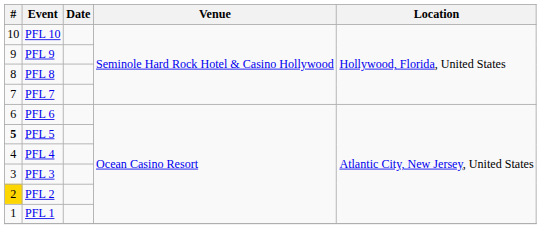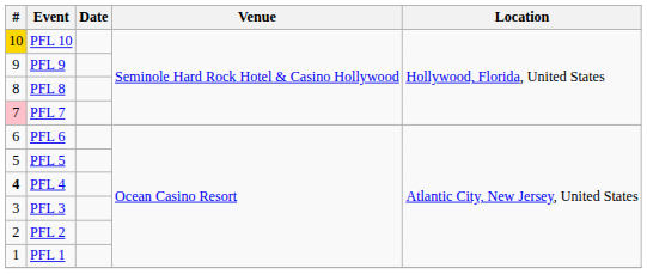 <table class="sortable wikitable succession-box" style="font-size:90%;">
 <tr>
 <th scope="col">#</th>
 <th scope="col">Event</th>
 <th scope="col">Date</th>
 <th scope="col">Venue</th>
 <th scope="col">Location</th>
 </tr>
 <tr>
-<td align=center>10</td>
+<td align=center style="background: gold;">10</td>
 <td><a href='#'>PFL 10</a></td>
 <td></td>
 <td rowspan=4><a href='#'>Seminole Hard Rock Hotel & Casino Hollywood</a></td>
 <td rowspan=4><a href='#'>Hollywood, Florida</a>, United States</td>
 </tr>
 <tr>
 <td align=center>9</td>
 <td><a href='#'>PFL 9</a></td>
 <td></td>
 </tr>
 <tr>
 <td align=center>8</td>
 <td><a href='#'>PFL 8</a></td>
 <td></td>
 </tr>
 <tr>
-<td align=center>7</td>
+<td align=center style="background: pink;">7</td>
 <td><a href='#'>PFL 7</a></td>
 <td></td>
 </tr>
 <tr>
 <td align=center>6</td>
 <td><a href='#'>PFL 6</a></td>
 <td></td>
 <td rowspan=6><a href='#'>Ocean Casino Resort</a></td>
 <td rowspan=6><a href='#'>Atlantic City, New Jersey</a>, United States</td>
 </tr>
 <tr>
-<td align=center><strong>5</strong></td>
+<td align=center>5</td>
 <td><a href='#'>PFL 5</a></td>
 <td></td>
 </tr>
 <tr>
-<td align=center>4</td>
+<td align=center><strong>4</strong></td>
 <td><a href='#'>PFL 4</a></td>
 <td></td>
 </tr>
 <tr>
 <td align=center>3</td>
 <td><a href='#'>PFL 3</a></td>
 <td></td>
 </tr>
 <tr>
-<td align=center style="background: gold;">2</td>
+<td align=center>2</td>
 <td><a href='#'>PFL 2</a></td>
 <td></td>
 </tr>
 <tr>
 <td align=center>1</td>
 <td><a href='#'>PFL 1</a></td>
 <td></td>
 </tr>
 <tr>
 </tr>
 </table>
